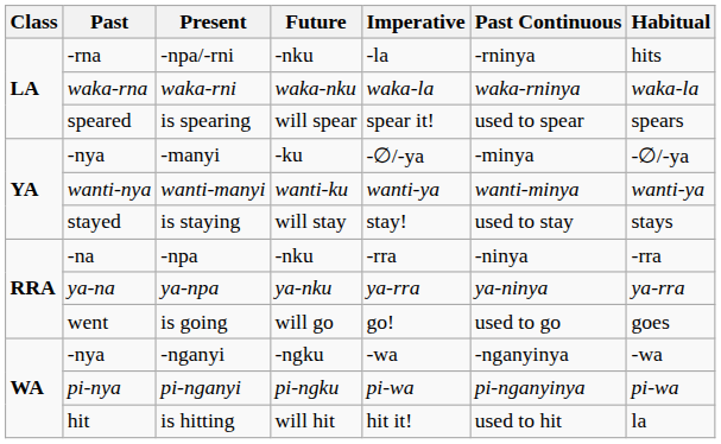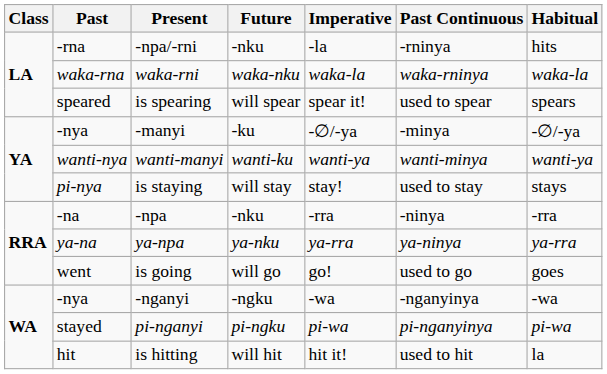 <table class="wikitable">
 <tr>
 <th>Class</th>
 <th>Past</th>
 <th>Present</th>
 <th>Future</th>
 <th>Imperative</th>
 <th>Past Continuous</th>
 <th>Habitual</th>
 </tr>
 <tr>
 <td rowspan="3"><strong>LA</strong></td>
 <td>-rna</td>
 <td>-npa/-rni</td>
 <td>-nku</td>
 <td>-la</td>
 <td>-rninya</td>
 <td>hits</td>
 </tr>
 <tr>
 <td><em>waka-rna</em></td>
 <td><em>waka-rni</em></td>
 <td><em>waka-nku</em></td>
 <td><em>waka-la</em></td>
 <td><em>waka-rninya</em></td>
 <td><em>waka-la</em></td>
 </tr>
 <tr>
 <td>speared</td>
 <td>is spearing</td>
 <td>will spear</td>
 <td>spear it!</td>
 <td>used to spear</td>
 <td>spears</td>
 </tr>
 <tr>
 <td rowspan="3"><strong>YA</strong></td>
 <td>-nya</td>
 <td>-manyi</td>
 <td>-ku</td>
 <td>-∅/-ya</td>
 <td>-minya</td>
 <td>-∅/-ya</td>
 </tr>
 <tr>
 <td><em>wanti-nya</em></td>
 <td><em>wanti-manyi</em></td>
 <td><em>wanti-ku</em></td>
 <td><em>wanti-ya</em></td>
 <td><em>wanti-minya</em></td>
 <td><em>wanti-ya</em></td>
 </tr>
 <tr>
-<td>stayed</td>
+<td><em>pi-nya</em></td>
 <td>is staying</td>
 <td>will stay</td>
 <td>stay!</td>
 <td>used to stay</td>
 <td>stays</td>
 </tr>
 <tr>
 <td rowspan="3"><strong>RRA</strong></td>
 <td>-na</td>
 <td>-npa</td>
 <td>-nku</td>
 <td>-rra</td>
 <td>-ninya</td>
 <td>-rra</td>
 </tr>
 <tr>
 <td><em>ya-na</em></td>
 <td><em>ya-npa</em></td>
 <td><em>ya-nku</em></td>
 <td><em>ya-rra</em></td>
 <td><em>ya-ninya</em></td>
 <td><em>ya-rra</em></td>
 </tr>
 <tr>
 <td>went</td>
 <td>is going</td>
 <td>will go</td>
 <td>go!</td>
 <td>used to go</td>
 <td>goes</td>
 </tr>
 <tr>
 <td rowspan="3"><strong>WA</strong></td>
 <td>-nya</td>
 <td>-nganyi</td>
 <td>-ngku</td>
 <td>-wa</td>
 <td>-nganyinya</td>
 <td>-wa</td>
 </tr>
 <tr>
-<td><em>pi-nya</em></td>
+<td>stayed</td>
 <td><em>pi-nganyi</em></td>
 <td><em>pi-ngku</em></td>
 <td><em>pi-wa</em></td>
 <td><em>pi-nganyinya</em></td>
 <td><em>pi-wa</em></td>
 </tr>
 <tr>
 <td>hit</td>
 <td>is hitting</td>
 <td>will hit</td>
 <td>hit it!</td>
 <td>used to hit</td>
 <td>la</td>
 </tr>
 </table>
